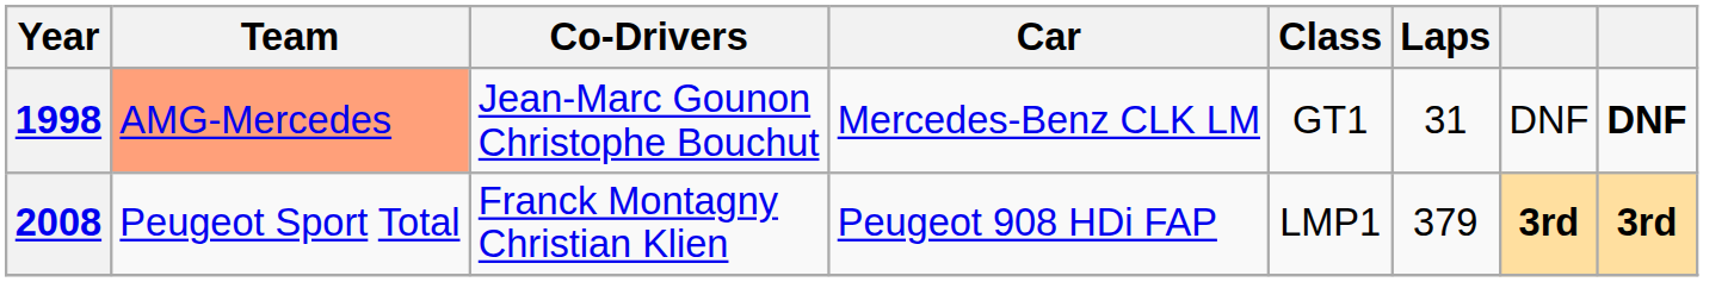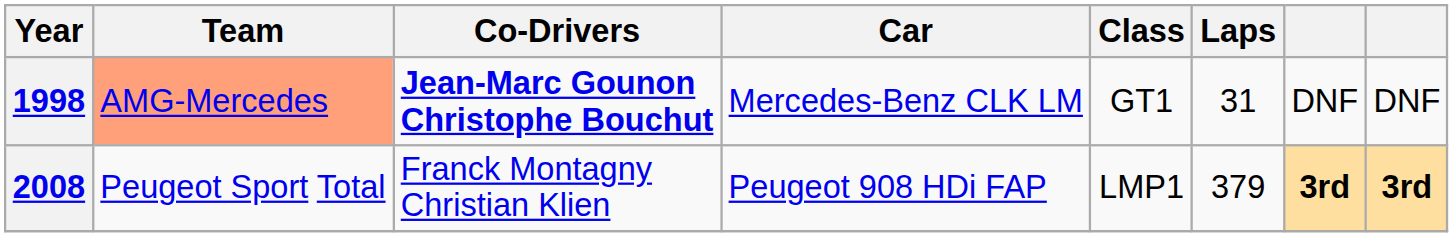 <table class="wikitable" style="text-align:center; font-size:90%">
 <tr>
 <th>Year</th>
 <th>Team</th>
 <th>Co-Drivers</th>
 <th>Car</th>
 <th>Class</th>
 <th>Laps</th>
 <th></th>
 <th></th>
 </tr>
 <tr>
 <th><a href='#'>1998</a></th>
 <td align="left" nowrap style="background: lightsalmon;"> <a href='#'>AMG-Mercedes</a></td>
-<td align="left" nowrap> <a href='#'>Jean-Marc Gounon</a><br> <a href='#'>Christophe Bouchut</a></td>
+<td align="left" nowrap><strong> <a href='#'>Jean-Marc Gounon</a><br> <a href='#'>Christophe Bouchut</a></strong></td>
 <td align="left" nowrap><a href='#'>Mercedes-Benz CLK LM</a></td>
 <td>GT1</td>
 <td>31</td>
 <td>DNF</td>
-<td><strong>DNF</strong></td>
+<td>DNF</td>
 </tr>
 <tr>
 <th><a href='#'>2008</a></th>
 <td align="left" nowrap> <a href='#'>Peugeot Sport</a> <a href='#'>Total</a></td>
 <td align="left" nowrap> <a href='#'>Franck Montagny</a><br> <a href='#'>Christian Klien</a></td>
 <td align="left" nowrap><a href='#'>Peugeot 908 HDi FAP</a></td>
 <td>LMP1</td>
 <td>379</td>
 <td style="background:#FFDF9F;"><strong>3rd</strong></td>
 <td style="background:#FFDF9F;"><strong>3rd</strong></td>
 </tr>
 <tr>
 </tr>
 </table>
